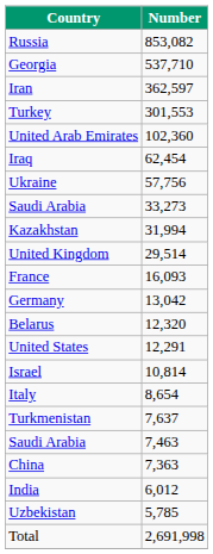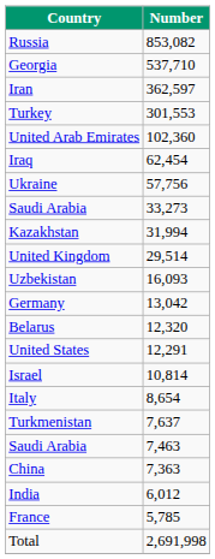 <table class="wikitable sortable" style="display: inline-table;">
 <tr style="color:white;">
 <th style="background-color:#00966E;">Country</th>
 <th style="background-color:#00966E;">Number</th>
 </tr>
 <tr>
 <td><a href='#'>Russia</a></td>
 <td>853,082</td>
 </tr>
 <tr>
 <td><a href='#'>Georgia</a></td>
 <td>537,710</td>
 </tr>
 <tr>
 <td><a href='#'>Iran</a></td>
 <td>362,597</td>
 </tr>
 <tr>
 <td><a href='#'>Turkey</a></td>
 <td>301,553</td>
 </tr>
 <tr>
 <td><a href='#'>United Arab Emirates</a></td>
 <td>102,360</td>
 </tr>
 <tr>
 <td><a href='#'>Iraq</a></td>
 <td>62,454</td>
 </tr>
 <tr>
 <td><a href='#'>Ukraine</a></td>
 <td>57,756</td>
 </tr>
 <tr>
 <td><a href='#'>Saudi Arabia</a></td>
 <td>33,273</td>
 </tr>
 <tr>
 <td><a href='#'>Kazakhstan</a></td>
 <td>31,994</td>
 </tr>
 <tr>
 <td><a href='#'>United Kingdom</a></td>
 <td>29,514</td>
 </tr>
 <tr>
-<td><a href='#'>France</a></td>
+<td><a href='#'>Uzbekistan</a></td>
 <td>16,093</td>
 </tr>
 <tr>
 <td><a href='#'>Germany</a></td>
 <td>13,042</td>
 </tr>
 <tr>
 <td><a href='#'>Belarus</a></td>
 <td>12,320</td>
 </tr>
 <tr>
 <td><a href='#'>United States</a></td>
 <td>12,291</td>
 </tr>
 <tr>
 <td><a href='#'>Israel</a></td>
 <td>10,814</td>
 </tr>
 <tr>
 <td><a href='#'>Italy</a></td>
 <td>8,654</td>
 </tr>
 <tr>
 <td><a href='#'>Turkmenistan</a></td>
 <td>7,637</td>
 </tr>
 <tr>
 <td><a href='#'>Saudi Arabia</a></td>
 <td>7,463</td>
 </tr>
 <tr>
 <td><a href='#'>China</a></td>
 <td>7,363</td>
 </tr>
 <tr>
 <td><a href='#'>India</a></td>
 <td>6,012</td>
 </tr>
 <tr>
-<td><a href='#'>Uzbekistan</a></td>
+<td><a href='#'>France</a></td>
 <td>5,785</td>
 </tr>
 <tr>
 <td>Total</td>
 <td>2,691,998</td>
 </tr>
 <tr>
 </tr>
 </table>
